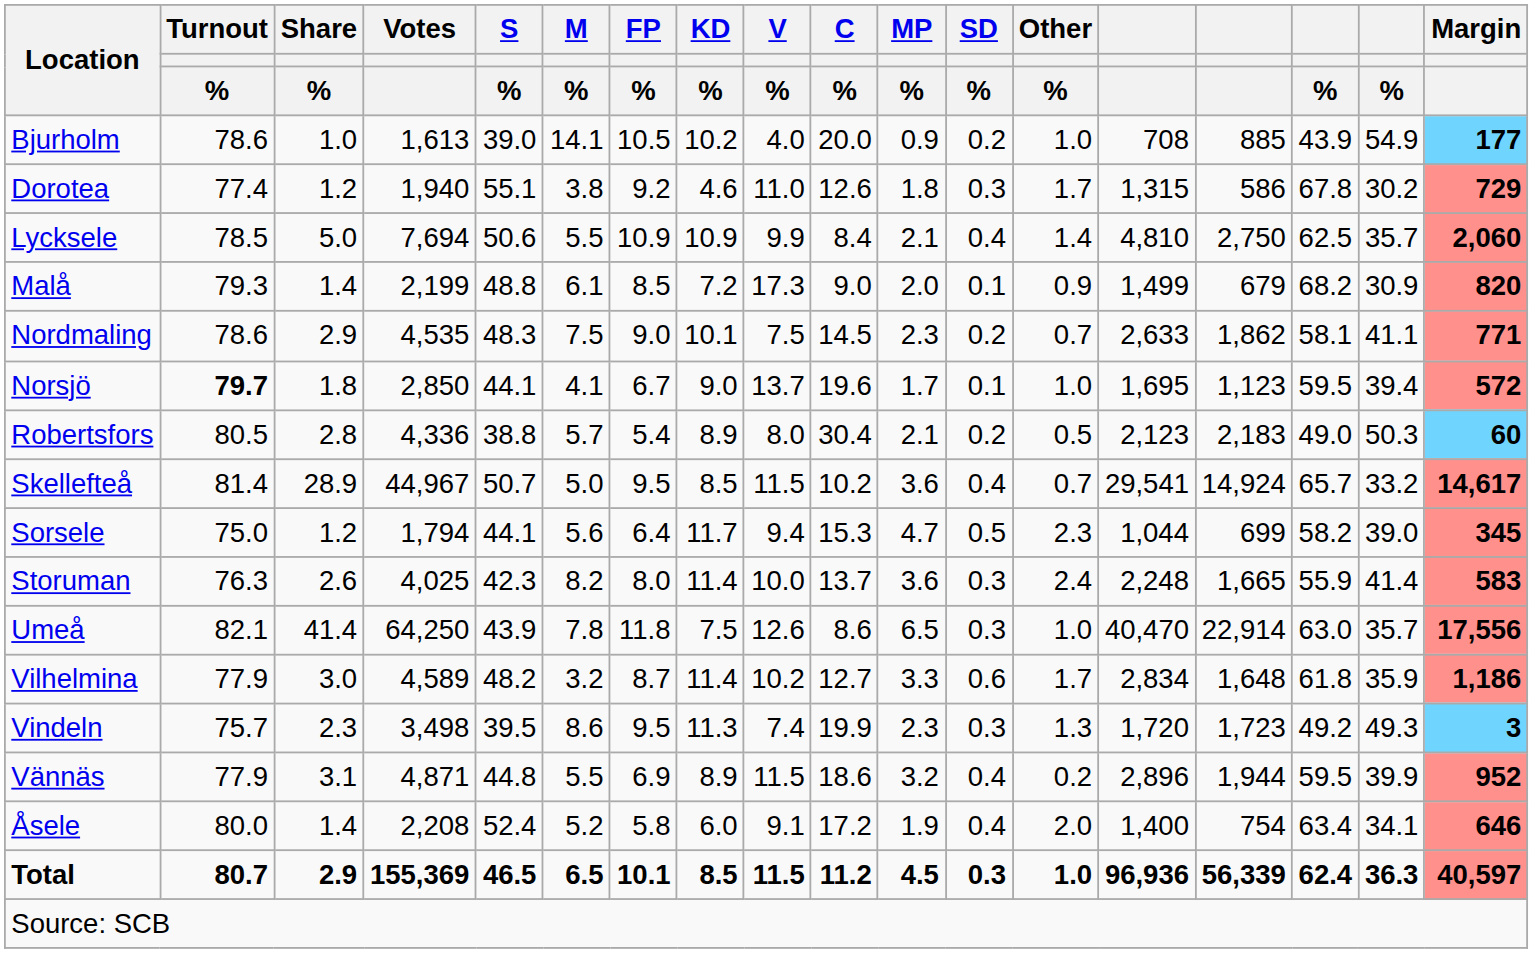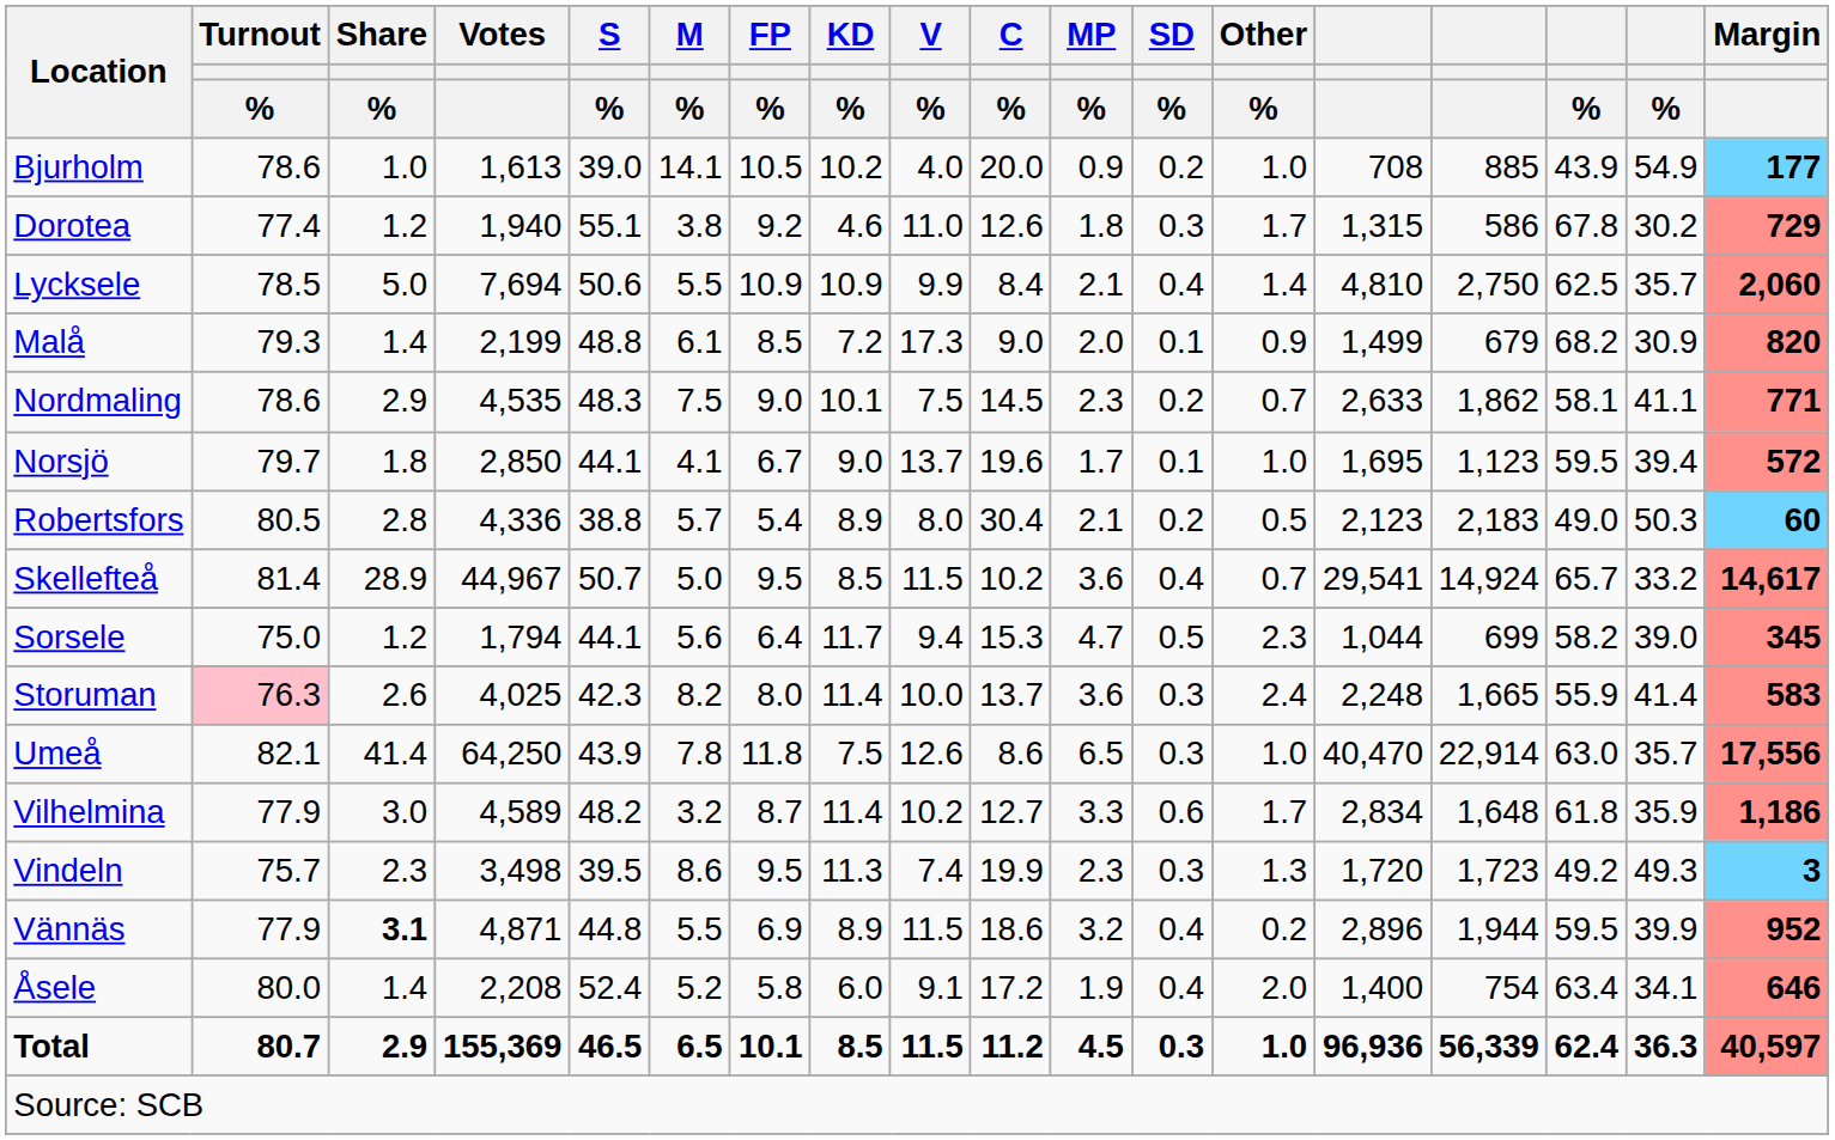 <table class="wikitable sortable" style="text-align:right; font-size:95%; line-height:20px;">
 <tr>
 <th rowspan="3">Location</th>
 <th>Turnout</th>
 <th>Share</th>
 <th>Votes</th>
 <th width="30px" class="unsortable"><a href='#'>S</a></th>
 <th width="30px" class="unsortable"><a href='#'>M</a></th>
 <th width="30px" class="unsortable"><a href='#'>FP</a></th>
 <th width="30px" class="unsortable"><a href='#'>KD</a></th>
 <th width="30px" class="unsortable"><a href='#'>V</a></th>
 <th width="30px" class="unsortable"><a href='#'>C</a></th>
 <th width="30px" class="unsortable"><a href='#'>MP</a></th>
 <th width="30px" class="unsortable"><a href='#'>SD</a></th>
 <th width="30px" class="unsortable">Other</th>
 <th></th>
 <th></th>
 <th></th>
 <th></th>
 <th>Margin</th>
 </tr>
 <tr>
 <th></th>
 <th></th>
 <th></th>
 <th style="background:"></th>
 <th style="background:"></th>
 <th style="background:"></th>
 <th style="background:"></th>
 <th style="background:"></th>
 <th style="background:"></th>
 <th style="background:"></th>
 <th style="background:"></th>
 <th style="background:"></th>
 <th style="background:"></th>
 <th style="background:"></th>
 <th style="background:"></th>
 <th style="background:"></th>
 <th></th>
 </tr>
 <tr>
 <th data-sort-type="number">%</th>
 <th data-sort-type="number">%</th>
 <th></th>
 <th data-sort-type="number">%</th>
 <th data-sort-type="number">%</th>
 <th data-sort-type="number">%</th>
 <th data-sort-type="number">%</th>
 <th data-sort-type="number">%</th>
 <th data-sort-type="number">%</th>
 <th data-sort-type="number">%</th>
 <th data-sort-type="number">%</th>
 <th data-sort-type="number">%</th>
 <th data-sort-type="number"></th>
 <th data-sort-type="number"></th>
 <th data-sort-type="number">%</th>
 <th data-sort-type="number">%</th>
 <th data-sort-type="number"></th>
 </tr>
 <tr>
 <td align=left><a href='#'>Bjurholm</a></td>
 <td>78.6</td>
 <td>1.0</td>
 <td>1,613</td>
 <td>39.0</td>
 <td>14.1</td>
 <td>10.5</td>
 <td>10.2</td>
 <td>4.0</td>
 <td>20.0</td>
 <td>0.9</td>
 <td>0.2</td>
 <td>1.0</td>
 <td>708</td>
 <td>885</td>
 <td>43.9</td>
 <td>54.9</td>
 <td bgcolor=#6fd5fe><strong>177</strong></td>
 </tr>
 <tr>
 <td align=left><a href='#'>Dorotea</a></td>
 <td>77.4</td>
 <td>1.2</td>
 <td>1,940</td>
 <td>55.1</td>
 <td>3.8</td>
 <td>9.2</td>
 <td>4.6</td>
 <td>11.0</td>
 <td>12.6</td>
 <td>1.8</td>
 <td>0.3</td>
 <td>1.7</td>
 <td>1,315</td>
 <td>586</td>
 <td>67.8</td>
 <td>30.2</td>
 <td bgcolor=#ff908c><strong>729</strong></td>
 </tr>
 <tr>
 <td align=left><a href='#'>Lycksele</a></td>
 <td>78.5</td>
 <td>5.0</td>
 <td>7,694</td>
 <td>50.6</td>
 <td>5.5</td>
 <td>10.9</td>
 <td>10.9</td>
 <td>9.9</td>
 <td>8.4</td>
 <td>2.1</td>
 <td>0.4</td>
 <td>1.4</td>
 <td>4,810</td>
 <td>2,750</td>
 <td>62.5</td>
 <td>35.7</td>
 <td bgcolor=#ff908c><strong>2,060</strong></td>
 </tr>
 <tr>
 <td align=left><a href='#'>Malå</a></td>
 <td>79.3</td>
 <td>1.4</td>
 <td>2,199</td>
 <td>48.8</td>
 <td>6.1</td>
 <td>8.5</td>
 <td>7.2</td>
 <td>17.3</td>
 <td>9.0</td>
 <td>2.0</td>
 <td>0.1</td>
 <td>0.9</td>
 <td>1,499</td>
 <td>679</td>
 <td>68.2</td>
 <td>30.9</td>
 <td bgcolor=#ff908c><strong>820</strong></td>
 </tr>
 <tr>
 <td align=left><a href='#'>Nordmaling</a></td>
 <td>78.6</td>
 <td>2.9</td>
 <td>4,535</td>
 <td>48.3</td>
 <td>7.5</td>
 <td>9.0</td>
 <td>10.1</td>
 <td>7.5</td>
 <td>14.5</td>
 <td>2.3</td>
 <td>0.2</td>
 <td>0.7</td>
 <td>2,633</td>
 <td>1,862</td>
 <td>58.1</td>
 <td>41.1</td>
 <td bgcolor=#ff908c><strong>771</strong></td>
 </tr>
 <tr>
 <td align=left><a href='#'>Norsjö</a></td>
-<td><strong>79.7</strong></td>
+<td>79.7</td>
 <td>1.8</td>
 <td>2,850</td>
 <td>44.1</td>
 <td>4.1</td>
 <td>6.7</td>
 <td>9.0</td>
 <td>13.7</td>
 <td>19.6</td>
 <td>1.7</td>
 <td>0.1</td>
 <td>1.0</td>
 <td>1,695</td>
 <td>1,123</td>
 <td>59.5</td>
 <td>39.4</td>
 <td bgcolor=#ff908c><strong>572</strong></td>
 </tr>
 <tr>
 <td align=left><a href='#'>Robertsfors</a></td>
 <td>80.5</td>
 <td>2.8</td>
 <td>4,336</td>
 <td>38.8</td>
 <td>5.7</td>
 <td>5.4</td>
 <td>8.9</td>
 <td>8.0</td>
 <td>30.4</td>
 <td>2.1</td>
 <td>0.2</td>
 <td>0.5</td>
 <td>2,123</td>
 <td>2,183</td>
 <td>49.0</td>
 <td>50.3</td>
 <td bgcolor=#6fd5fe><strong>60</strong></td>
 </tr>
 <tr>
 <td align=left><a href='#'>Skellefteå</a></td>
 <td>81.4</td>
 <td>28.9</td>
 <td>44,967</td>
 <td>50.7</td>
 <td>5.0</td>
 <td>9.5</td>
 <td>8.5</td>
 <td>11.5</td>
 <td>10.2</td>
 <td>3.6</td>
 <td>0.4</td>
 <td>0.7</td>
 <td>29,541</td>
 <td>14,924</td>
 <td>65.7</td>
 <td>33.2</td>
 <td bgcolor=#ff908c><strong>14,617</strong></td>
 </tr>
 <tr>
 <td align=left><a href='#'>Sorsele</a></td>
 <td>75.0</td>
 <td>1.2</td>
 <td>1,794</td>
 <td>44.1</td>
 <td>5.6</td>
 <td>6.4</td>
 <td>11.7</td>
 <td>9.4</td>
 <td>15.3</td>
 <td>4.7</td>
 <td>0.5</td>
 <td>2.3</td>
 <td>1,044</td>
 <td>699</td>
 <td>58.2</td>
 <td>39.0</td>
 <td bgcolor=#ff908c><strong>345</strong></td>
 </tr>
 <tr>
 <td align=left><a href='#'>Storuman</a></td>
-<td>76.3</td>
+<td style="background: pink;">76.3</td>
 <td>2.6</td>
 <td>4,025</td>
 <td>42.3</td>
 <td>8.2</td>
 <td>8.0</td>
 <td>11.4</td>
 <td>10.0</td>
 <td>13.7</td>
 <td>3.6</td>
 <td>0.3</td>
 <td>2.4</td>
 <td>2,248</td>
 <td>1,665</td>
 <td>55.9</td>
 <td>41.4</td>
 <td bgcolor=#ff908c><strong>583</strong></td>
 </tr>
 <tr>
 <td align=left><a href='#'>Umeå</a></td>
 <td>82.1</td>
 <td>41.4</td>
 <td>64,250</td>
 <td>43.9</td>
 <td>7.8</td>
 <td>11.8</td>
 <td>7.5</td>
 <td>12.6</td>
 <td>8.6</td>
 <td>6.5</td>
 <td>0.3</td>
 <td>1.0</td>
 <td>40,470</td>
 <td>22,914</td>
 <td>63.0</td>
 <td>35.7</td>
 <td bgcolor=#ff908c><strong>17,556</strong></td>
 </tr>
 <tr>
 <td align=left><a href='#'>Vilhelmina</a></td>
 <td>77.9</td>
 <td>3.0</td>
 <td>4,589</td>
 <td>48.2</td>
 <td>3.2</td>
 <td>8.7</td>
 <td>11.4</td>
 <td>10.2</td>
 <td>12.7</td>
 <td>3.3</td>
 <td>0.6</td>
 <td>1.7</td>
 <td>2,834</td>
 <td>1,648</td>
 <td>61.8</td>
 <td>35.9</td>
 <td bgcolor=#ff908c><strong>1,186</strong></td>
 </tr>
 <tr>
 <td align=left><a href='#'>Vindeln</a></td>
 <td>75.7</td>
 <td>2.3</td>
 <td>3,498</td>
 <td>39.5</td>
 <td>8.6</td>
 <td>9.5</td>
 <td>11.3</td>
 <td>7.4</td>
 <td>19.9</td>
 <td>2.3</td>
 <td>0.3</td>
 <td>1.3</td>
 <td>1,720</td>
 <td>1,723</td>
 <td>49.2</td>
 <td>49.3</td>
 <td bgcolor=#6fd5fe><strong>3</strong></td>
 </tr>
 <tr>
 <td align=left><a href='#'>Vännäs</a></td>
 <td>77.9</td>
-<td>3.1</td>
+<td><strong>3.1</strong></td>
 <td>4,871</td>
 <td>44.8</td>
 <td>5.5</td>
 <td>6.9</td>
 <td>8.9</td>
 <td>11.5</td>
 <td>18.6</td>
 <td>3.2</td>
 <td>0.4</td>
 <td>0.2</td>
 <td>2,896</td>
 <td>1,944</td>
 <td>59.5</td>
 <td>39.9</td>
 <td bgcolor=#ff908c><strong>952</strong></td>
 </tr>
 <tr>
 <td align=left><a href='#'>Åsele</a></td>
 <td>80.0</td>
 <td>1.4</td>
 <td>2,208</td>
 <td>52.4</td>
 <td>5.2</td>
 <td>5.8</td>
 <td>6.0</td>
 <td>9.1</td>
 <td>17.2</td>
 <td>1.9</td>
 <td>0.4</td>
 <td>2.0</td>
 <td>1,400</td>
 <td>754</td>
 <td>63.4</td>
 <td>34.1</td>
 <td bgcolor=#ff908c><strong>646</strong></td>
 </tr>
 <tr>
 <td align=left><strong>Total</strong></td>
 <td><strong>80.7</strong></td>
 <td><strong>2.9</strong></td>
 <td><strong>155,369</strong></td>
 <td><strong>46.5</strong></td>
 <td><strong>6.5</strong></td>
 <td><strong>10.1</strong></td>
 <td><strong>8.5</strong></td>
 <td><strong>11.5</strong></td>
 <td><strong>11.2</strong></td>
 <td><strong>4.5</strong></td>
 <td><strong>0.3</strong></td>
 <td><strong>1.0</strong></td>
 <td><strong>96,936</strong></td>
 <td><strong>56,339</strong></td>
 <td><strong>62.4</strong></td>
 <td><strong>36.3</strong></td>
 <td bgcolor=#ff908c><strong>40,597</strong></td>
 </tr>
 <tr>
 <td align=left colspan=18>Source: SCB </td>
 </tr>
 </table>
